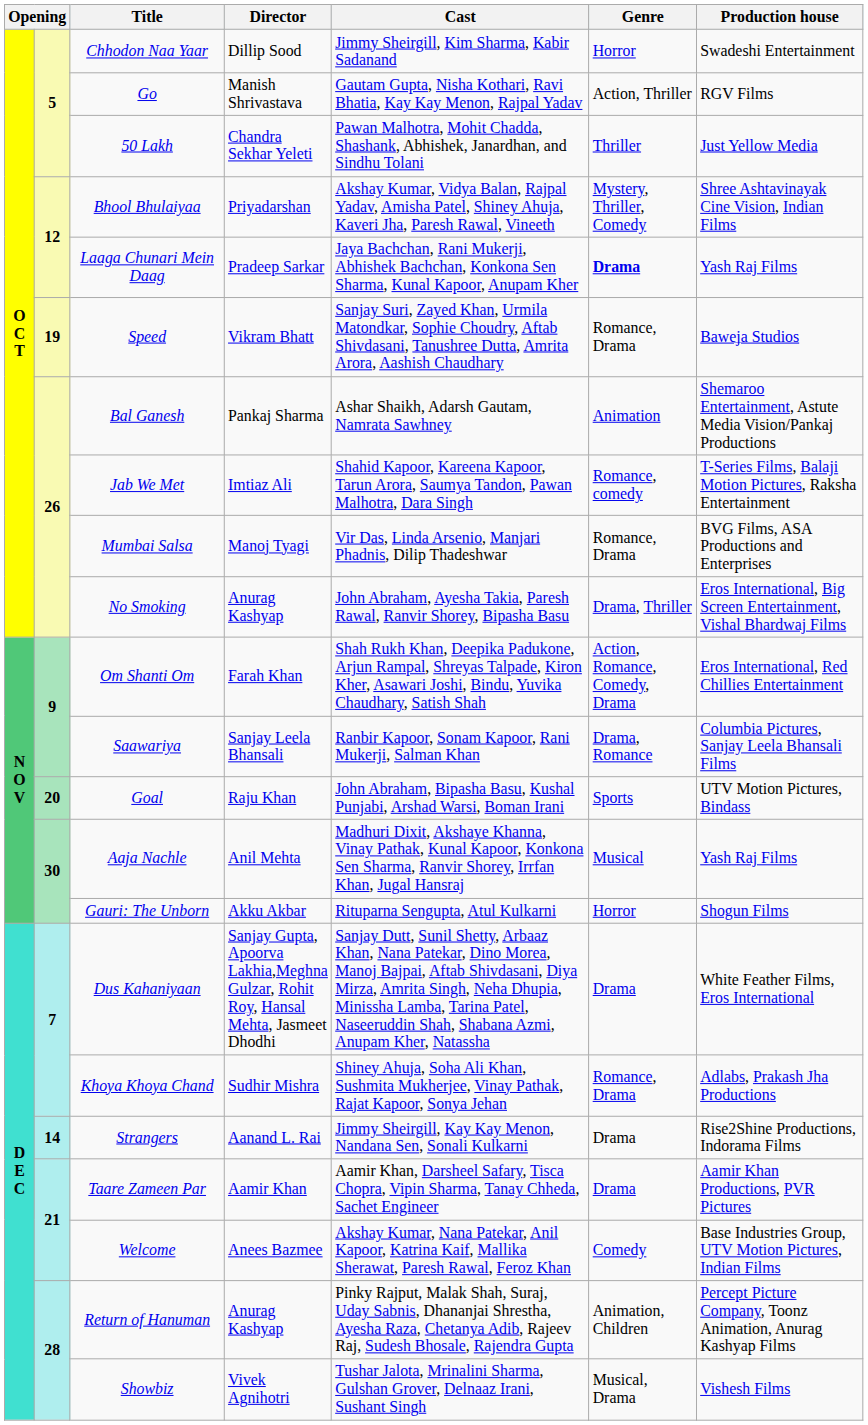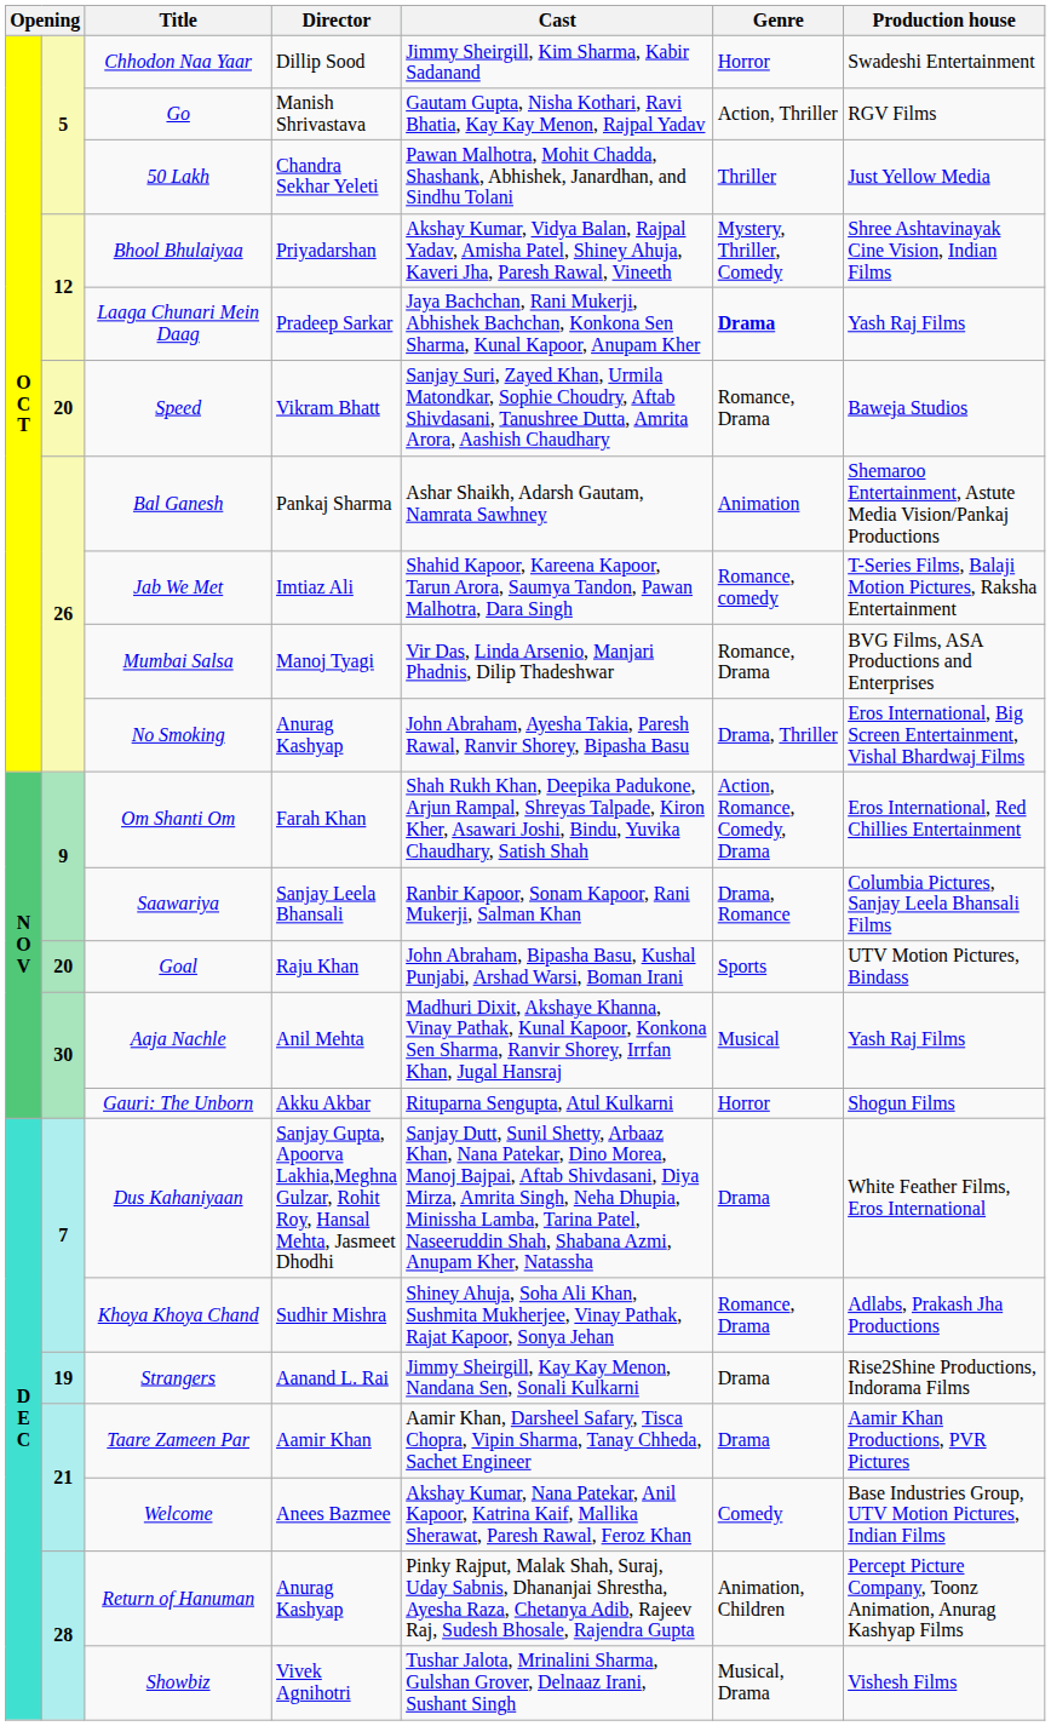 <table class="wikitable">
 <tr style="background:#b0e0e6; text-align:center;">
 <th colspan="2" style="width:6%;"><strong>Opening</strong></th>
 <th style="width:18%;"><strong>Title</strong></th>
 <th style="width:10.5%;"><strong>Director</strong></th>
 <th style="width:30%;"><strong>Cast</strong></th>
 <th>Genre</th>
 <th>Production house</th>
 </tr>
 <tr>
 <td rowspan="10" style="text-align:center; background:yellow; textcolor:#000;" !><strong>O<br>C<br>T</strong></td>
 <td rowspan="3" style="text-align:center; background:#f9fab3;"><strong>5</strong></td>
 <td style="text-align:center;"><em><a href='#'>Chhodon Naa Yaar</a></em></td>
 <td>Dillip Sood</td>
 <td><a href='#'>Jimmy Sheirgill</a>, <a href='#'>Kim Sharma</a>, <a href='#'>Kabir Sadanand</a></td>
 <td><a href='#'>Horror</a></td>
 <td>Swadeshi Entertainment</td>
 </tr>
 <tr>
 <td style="text-align:center;"><em><a href='#'>Go</a></em></td>
 <td>Manish Shrivastava</td>
 <td><a href='#'>Gautam Gupta</a>, <a href='#'>Nisha Kothari</a>, <a href='#'>Ravi Bhatia</a>, <a href='#'>Kay Kay Menon</a>, <a href='#'>Rajpal Yadav</a></td>
 <td>Action, Thriller</td>
 <td>RGV Films</td>
 </tr>
 <tr>
 <td style="text-align:center;"><em><a href='#'>50 Lakh</a></em></td>
 <td><a href='#'>Chandra Sekhar Yeleti</a></td>
 <td><a href='#'>Pawan Malhotra</a>, <a href='#'>Mohit Chadda</a>, <a href='#'>Shashank</a>, Abhishek, Janardhan, and <a href='#'>Sindhu Tolani</a></td>
 <td><a href='#'>Thriller</a></td>
 <td><a href='#'>Just Yellow Media</a></td>
 </tr>
 <tr>
 <td rowspan="2" style="text-align:center; background:#f9fab3;"><strong>12</strong></td>
 <td style="text-align:center;"><em><a href='#'>Bhool Bhulaiyaa</a></em></td>
 <td><a href='#'>Priyadarshan</a></td>
 <td><a href='#'>Akshay Kumar</a>, <a href='#'>Vidya Balan</a>, <a href='#'>Rajpal Yadav</a>, <a href='#'>Amisha Patel</a>, <a href='#'>Shiney Ahuja</a>, <a href='#'>Kaveri Jha</a>, <a href='#'>Paresh Rawal</a>, <a href='#'>Vineeth</a></td>
 <td><a href='#'>Mystery</a>, <a href='#'>Thriller</a>, <a href='#'>Comedy</a></td>
 <td><a href='#'>Shree Ashtavinayak Cine Vision</a>, <a href='#'>Indian Films</a></td>
 </tr>
 <tr>
 <td style="text-align:center;"><em><a href='#'>Laaga Chunari Mein Daag</a></em></td>
 <td><a href='#'>Pradeep Sarkar</a></td>
 <td><a href='#'>Jaya Bachchan</a>, <a href='#'>Rani Mukerji</a>, <a href='#'>Abhishek Bachchan</a>, <a href='#'>Konkona Sen Sharma</a>, <a href='#'>Kunal Kapoor</a>, <a href='#'>Anupam Kher</a></td>
 <td><strong><a href='#'>Drama</a></strong></td>
 <td><a href='#'>Yash Raj Films</a></td>
 </tr>
 <tr>
-<td rowspan="1" style="text-align:center;background:#f9fab3;"><strong>19</strong></td>
+<td rowspan="1" style="text-align:center;background:#f9fab3;"><strong>20</strong></td>
 <td style="text-align:center;"><em><a href='#'>Speed</a></em></td>
 <td><a href='#'>Vikram Bhatt</a></td>
 <td><a href='#'>Sanjay Suri</a>, <a href='#'>Zayed Khan</a>, <a href='#'>Urmila Matondkar</a>, <a href='#'>Sophie Choudry</a>, <a href='#'>Aftab Shivdasani</a>, <a href='#'>Tanushree Dutta</a>, <a href='#'>Amrita Arora</a>, <a href='#'>Aashish Chaudhary</a></td>
 <td>Romance, Drama</td>
 <td><a href='#'>Baweja Studios</a></td>
 </tr>
 <tr>
 <td rowspan="4" style="text-align:center; background:#f9fab3;"><strong>26</strong></td>
 <td style="text-align:center;"><em><a href='#'>Bal Ganesh</a></em></td>
 <td>Pankaj Sharma</td>
 <td>Ashar Shaikh, Adarsh Gautam, <a href='#'>Namrata Sawhney</a></td>
 <td><a href='#'>Animation</a></td>
 <td><a href='#'>Shemaroo Entertainment</a>, Astute Media Vision/Pankaj Productions</td>
 </tr>
 <tr>
 <td style="text-align:center;"><em><a href='#'>Jab We Met</a></em></td>
 <td><a href='#'>Imtiaz Ali</a></td>
 <td><a href='#'>Shahid Kapoor</a>, <a href='#'>Kareena Kapoor</a>, <a href='#'>Tarun Arora</a>, <a href='#'>Saumya Tandon</a>, <a href='#'>Pawan Malhotra</a>, <a href='#'>Dara Singh</a></td>
 <td><a href='#'>Romance</a>, <a href='#'>comedy</a></td>
 <td><a href='#'>T-Series Films</a>, <a href='#'>Balaji Motion Pictures</a>, Raksha Entertainment</td>
 </tr>
 <tr>
 <td style="text-align:center;"><em><a href='#'>Mumbai Salsa</a></em></td>
 <td><a href='#'>Manoj Tyagi</a></td>
 <td><a href='#'>Vir Das</a>, <a href='#'>Linda Arsenio</a>, <a href='#'>Manjari Phadnis</a>, Dilip Thadeshwar</td>
 <td>Romance, Drama</td>
 <td>BVG Films, ASA Productions and Enterprises</td>
 </tr>
 <tr>
 <td style="text-align:center;"><em><a href='#'>No Smoking</a></em></td>
 <td><a href='#'>Anurag Kashyap</a></td>
 <td><a href='#'>John Abraham</a>, <a href='#'>Ayesha Takia</a>, <a href='#'>Paresh Rawal</a>, <a href='#'>Ranvir Shorey</a>, <a href='#'>Bipasha Basu</a></td>
 <td><a href='#'>Drama</a>, <a href='#'>Thriller</a></td>
 <td><a href='#'>Eros International</a>, <a href='#'>Big Screen Entertainment</a>, <a href='#'>Vishal Bhardwaj Films</a></td>
 </tr>
 <tr>
 <td rowspan="5" style="text-align:center; background:#50c878; textcolor:#000;" !><strong>N<br>O<br>V</strong></td>
 <td rowspan="2" style="text-align:center; background:#a8e4bc;"><strong>9</strong></td>
 <td style="text-align:center;"><em><a href='#'>Om Shanti Om</a></em></td>
 <td><a href='#'>Farah Khan</a></td>
 <td><a href='#'>Shah Rukh Khan</a>, <a href='#'>Deepika Padukone</a>, <a href='#'>Arjun Rampal</a>, <a href='#'>Shreyas Talpade</a>, <a href='#'>Kiron Kher</a>, <a href='#'>Asawari Joshi</a>, <a href='#'>Bindu</a>, <a href='#'>Yuvika Chaudhary</a>, <a href='#'>Satish Shah</a></td>
 <td><a href='#'>Action</a>, <a href='#'>Romance</a>, <a href='#'>Comedy</a>, <a href='#'>Drama</a></td>
 <td><a href='#'>Eros International</a>, <a href='#'>Red Chillies Entertainment</a></td>
 </tr>
 <tr>
 <td style="text-align:center;"><em><a href='#'>Saawariya</a></em></td>
 <td><a href='#'>Sanjay Leela Bhansali</a></td>
 <td><a href='#'>Ranbir Kapoor</a>, <a href='#'>Sonam Kapoor</a>, <a href='#'>Rani Mukerji</a>, <a href='#'>Salman Khan</a></td>
 <td><a href='#'>Drama</a>, <a href='#'>Romance</a></td>
 <td><a href='#'>Columbia Pictures</a>, <a href='#'>Sanjay Leela Bhansali Films</a></td>
 </tr>
 <tr>
 <td style="text-align:center; background:#a8e4bc;"><strong>20</strong></td>
 <td style="text-align:center;"><em><a href='#'>Goal</a></em></td>
 <td><a href='#'>Raju Khan</a></td>
 <td><a href='#'>John Abraham</a>, <a href='#'>Bipasha Basu</a>, <a href='#'>Kushal Punjabi</a>, <a href='#'>Arshad Warsi</a>, <a href='#'>Boman Irani</a></td>
 <td><a href='#'>Sports</a></td>
 <td>UTV Motion Pictures, <a href='#'>Bindass</a></td>
 </tr>
 <tr>
 <td rowspan="2" style="text-align:center; background:#a8e4bc;"><strong>30</strong></td>
 <td style="text-align:center;"><em><a href='#'>Aaja Nachle</a></em></td>
 <td><a href='#'>Anil Mehta</a></td>
 <td><a href='#'>Madhuri Dixit</a>, <a href='#'>Akshaye Khanna</a>, <a href='#'>Vinay Pathak</a>, <a href='#'>Kunal Kapoor</a>, <a href='#'>Konkona Sen Sharma</a>, <a href='#'>Ranvir Shorey</a>, <a href='#'>Irrfan Khan</a>, <a href='#'>Jugal Hansraj</a></td>
 <td><a href='#'>Musical</a></td>
 <td><a href='#'>Yash Raj Films</a></td>
 </tr>
 <tr>
 <td style="text-align:center;"><em><a href='#'>Gauri: The Unborn</a></em></td>
 <td><a href='#'>Akku Akbar</a></td>
 <td><a href='#'>Rituparna Sengupta</a>, <a href='#'>Atul Kulkarni</a></td>
 <td><a href='#'>Horror</a></td>
 <td><a href='#'>Shogun Films</a></td>
 </tr>
 <tr>
 <td rowspan="7" style="text-align:center; background:#40e0d0; textcolor:#000;"><strong>D<br>E<br>C</strong></td>
 <td rowspan="2" style="text-align:center;background:#afeeee;"><strong>7</strong></td>
 <td style="text-align:center;"><em><a href='#'>Dus Kahaniyaan</a></em></td>
 <td><a href='#'>Sanjay Gupta</a>, <a href='#'>Apoorva Lakhia</a>,<a href='#'>Meghna Gulzar</a>, <a href='#'>Rohit Roy</a>, <a href='#'>Hansal Mehta</a>, Jasmeet Dhodhi</td>
 <td><a href='#'>Sanjay Dutt</a>, <a href='#'>Sunil Shetty</a>, <a href='#'>Arbaaz Khan</a>, <a href='#'>Nana Patekar</a>, <a href='#'>Dino Morea</a>, <a href='#'>Manoj Bajpai</a>, <a href='#'>Aftab Shivdasani</a>, <a href='#'>Diya Mirza</a>, <a href='#'>Amrita Singh</a>, <a href='#'>Neha Dhupia</a>, <a href='#'>Minissha Lamba</a>, <a href='#'>Tarina Patel</a>, <a href='#'>Naseeruddin Shah</a>, <a href='#'>Shabana Azmi</a>, <a href='#'>Anupam Kher</a>, <a href='#'>Natassha</a></td>
 <td><a href='#'>Drama</a></td>
 <td>White Feather Films, <a href='#'>Eros International</a></td>
 </tr>
 <tr>
 <td style="text-align:center;"><em><a href='#'>Khoya Khoya Chand</a></em></td>
 <td><a href='#'>Sudhir Mishra</a></td>
 <td><a href='#'>Shiney Ahuja</a>, <a href='#'>Soha Ali Khan</a>, <a href='#'>Sushmita Mukherjee</a>, <a href='#'>Vinay Pathak</a>, <a href='#'>Rajat Kapoor</a>, <a href='#'>Sonya Jehan</a></td>
 <td><a href='#'>Romance</a>, <a href='#'>Drama</a></td>
 <td><a href='#'>Adlabs</a>, <a href='#'>Prakash Jha Productions</a></td>
 </tr>
 <tr>
-<td rowspan="1" style="text-align:center;background:#afeeee;"><strong>14</strong></td>
+<td rowspan="1" style="text-align:center;background:#afeeee;"><strong>19</strong></td>
 <td style="text-align:center;"><em><a href='#'>Strangers</a></em></td>
 <td><a href='#'>Aanand L. Rai</a></td>
 <td><a href='#'>Jimmy Sheirgill</a>, <a href='#'>Kay Kay Menon</a>, <a href='#'>Nandana Sen</a>, <a href='#'>Sonali Kulkarni</a></td>
 <td>Drama</td>
 <td>Rise2Shine Productions, Indorama Films</td>
 </tr>
 <tr>
 <td rowspan="2" style="text-align:center;background:#afeeee;"><strong>21</strong></td>
 <td style="text-align:center;"><em><a href='#'>Taare Zameen Par</a></em></td>
 <td><a href='#'>Aamir Khan</a></td>
 <td>Aamir Khan, <a href='#'>Darsheel Safary</a>, <a href='#'>Tisca Chopra</a>, <a href='#'>Vipin Sharma</a>, <a href='#'>Tanay Chheda</a>, <a href='#'>Sachet Engineer</a></td>
 <td><a href='#'>Drama</a></td>
 <td><a href='#'>Aamir Khan Productions</a>, <a href='#'>PVR Pictures</a></td>
 </tr>
 <tr>
 <td style="text-align:center;"><em><a href='#'>Welcome</a></em></td>
 <td><a href='#'>Anees Bazmee</a></td>
 <td><a href='#'>Akshay Kumar</a>, <a href='#'>Nana Patekar</a>, <a href='#'>Anil Kapoor</a>, <a href='#'>Katrina Kaif</a>, <a href='#'>Mallika Sherawat</a>, <a href='#'>Paresh Rawal</a>, <a href='#'>Feroz Khan</a></td>
 <td><a href='#'>Comedy</a></td>
 <td>Base Industries Group, <a href='#'>UTV Motion Pictures</a>, <a href='#'>Indian Films</a></td>
 </tr>
 <tr>
 <td rowspan="2" style="text-align:center;background:#afeeee;"><strong>28</strong></td>
 <td style="text-align:center;"><em><a href='#'>Return of Hanuman</a></em></td>
 <td><a href='#'>Anurag Kashyap</a></td>
 <td>Pinky Rajput, Malak Shah, Suraj, <a href='#'>Uday Sabnis</a>, Dhananjai Shrestha, <a href='#'>Ayesha Raza</a>, <a href='#'>Chetanya Adib</a>, Rajeev Raj, <a href='#'>Sudesh Bhosale</a>, <a href='#'>Rajendra Gupta</a></td>
 <td>Animation, Children</td>
 <td><a href='#'>Percept Picture Company</a>, Toonz Animation, Anurag Kashyap Films</td>
 </tr>
 <tr>
 <td style="text-align:center;"><em><a href='#'>Showbiz</a></em></td>
 <td><a href='#'>Vivek Agnihotri</a></td>
 <td><a href='#'>Tushar Jalota</a>, <a href='#'>Mrinalini Sharma</a>, <a href='#'>Gulshan Grover</a>, <a href='#'>Delnaaz Irani</a>, <a href='#'>Sushant Singh</a></td>
 <td>Musical, Drama</td>
 <td><a href='#'>Vishesh Films</a></td>
 </tr>
 </table>
